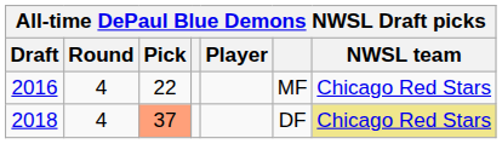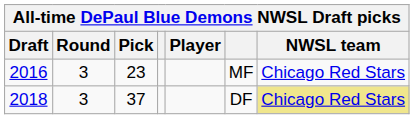 <table class="wikitable sortable" style="text-align: center;">
 <tr>
 <th colspan="7" style="background:#">All-time <a href='#'><span>DePaul Blue Demons</span></a> NWSL Draft picks</th>
 </tr>
 <tr>
 <th scope="col">Draft</th>
 <th scope="col">Round</th>
 <th scope="col">Pick</th>
 <th scope="col"></th>
 <th scope="col">Player</th>
 <th scope="col"></th>
 <th scope="col">NWSL team</th>
 </tr>
 <tr>
 <td><a href='#'>2016</a></td>
-<td>4</td>
-<td>22</td>
+<td>3</td>
+<td>23</td>
 <td></td>
 <td></td>
 <td>MF</td>
 <td><a href='#'>Chicago Red Stars</a></td>
 </tr>
 <tr>
 <td><a href='#'>2018</a></td>
-<td>4</td>
-<td style="background: lightsalmon;">37</td>
+<td>3</td>
+<td>37</td>
 <td></td>
 <td></td>
 <td>DF</td>
 <td style="background: khaki;"><a href='#'>Chicago Red Stars</a></td>
 </tr>
 </table>
